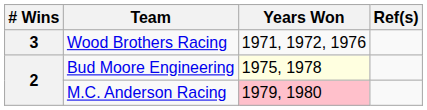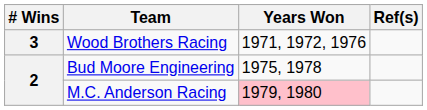 <table class="wikitable" style="font-size: 95%;">
 <tr>
 <th># Wins</th>
 <th>Team</th>
 <th>Years Won</th>
 <th>Ref(s)</th>
 </tr>
 <tr>
 <th>3</th>
 <td><a href='#'>Wood Brothers Racing</a></td>
 <td>1971, 1972, 1976</td>
 <td></td>
 </tr>
 <tr>
 <th rowspan="2">2</th>
 <td><a href='#'>Bud Moore Engineering</a></td>
-<td style="background: lightyellow;">1975, 1978</td>
+<td>1975, 1978</td>
 <td></td>
 </tr>
 <tr>
 <td><a href='#'>M.C. Anderson Racing</a></td>
 <td style="background: pink;">1979, 1980</td>
 <td></td>
 </tr>
 </table>
